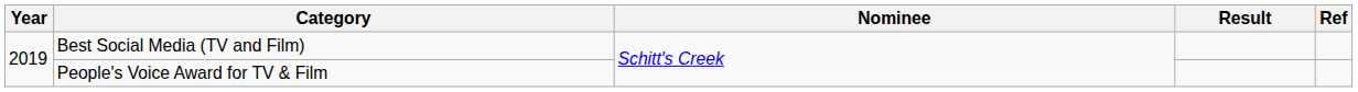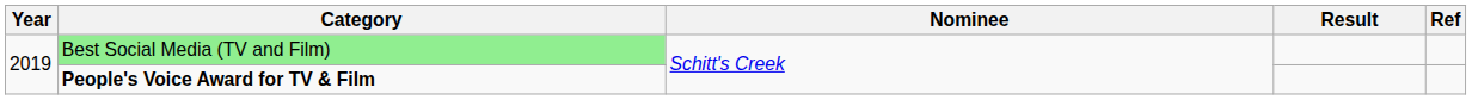 <table class="wikitable">
 <tr>
 <th width="3%">Year</th>
 <th width="40%">Category</th>
 <th width="40%">Nominee</th>
 <th width="10%">Result</th>
 <th width="2%">Ref</th>
 </tr>
 <tr>
 <td rowspan="2">2019</td>
-<td>Best Social Media (TV and Film)</td>
+<td style="background: lightgreen;">Best Social Media (TV and Film)</td>
 <td rowspan="2"><em><a href='#'>Schitt's Creek</a></em></td>
 <td></td>
 <td></td>
 </tr>
 <tr>
-<td>People's Voice Award for TV & Film</td>
+<td><strong>People's Voice Award for TV & Film</strong></td>
 <td></td>
 <td></td>
 </tr>
 </table>
